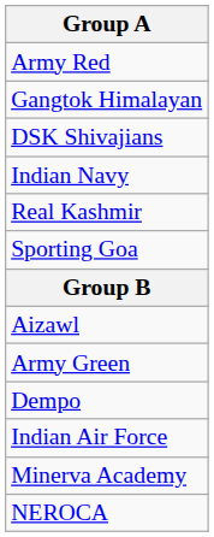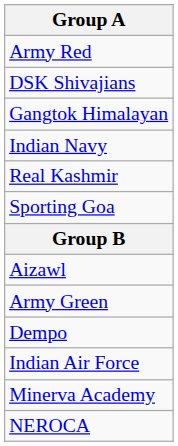 <table class="wikitable">
 <tr>
 <th>Group A</th>
 </tr>
 <tr>
 <td><a href='#'>Army Red</a></td>
 </tr>
 <tr>
-<td><a href='#'>Gangtok Himalayan</a></td>
+<td><a href='#'>DSK Shivajians</a></td>
 </tr>
 <tr>
-<td><a href='#'>DSK Shivajians</a></td>
+<td><a href='#'>Gangtok Himalayan</a></td>
 </tr>
 <tr>
 <td><a href='#'>Indian Navy</a></td>
 </tr>
 <tr>
 <td><a href='#'>Real Kashmir</a></td>
 </tr>
 <tr>
 <td><a href='#'>Sporting Goa</a></td>
 </tr>
 <tr>
 <th>Group B</th>
 </tr>
 <tr>
 <td><a href='#'>Aizawl</a></td>
 </tr>
 <tr>
 <td><a href='#'>Army Green</a></td>
 </tr>
 <tr>
 <td><a href='#'>Dempo</a></td>
 </tr>
 <tr>
 <td><a href='#'>Indian Air Force</a></td>
 </tr>
 <tr>
 <td><a href='#'>Minerva Academy</a></td>
 </tr>
 <tr>
 <td><a href='#'>NEROCA</a></td>
 </tr>
 </table>
